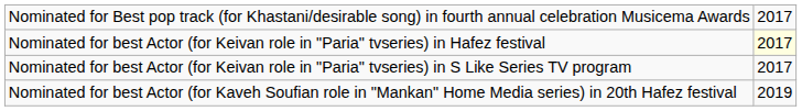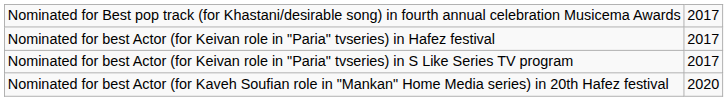 <table class="wikitable">
 <tr>
 <td>Nominated for Best pop track (for Khastani/desirable song) in fourth annual celebration Musicema Awards</td>
 <td>2017</td>
 </tr>
 <tr>
 <td>Nominated for best Actor (for Keivan role in "Paria" tvseries) in Hafez festival</td>
-<td style="background: lightyellow;">2017</td>
+<td>2017</td>
 </tr>
 <tr>
 <td>Nominated for best Actor (for Keivan role in "Paria" tvseries) in S Like Series TV program</td>
 <td>2017</td>
 </tr>
 <tr>
 <td>Nominated for best Actor (for Kaveh Soufian role in "Mankan" Home Media series) in 20th Hafez festival</td>
-<td>2019</td>
+<td>2020</td>
 </tr>
 </table>
